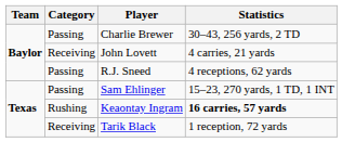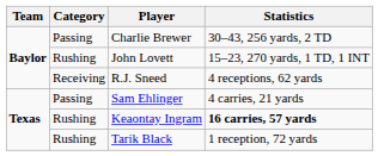 <table class="wikitable" style="float: right;">
 <tr>
 <th>Team</th>
 <th>Category</th>
 <th>Player</th>
 <th>Statistics</th>
 </tr>
 <tr>
 <td rowspan=3><strong>Baylor</strong></td>
 <td>Passing</td>
 <td>Charlie Brewer</td>
 <td>30–43, 256 yards, 2 TD</td>
 </tr>
 <tr>
-<td>Receiving</td>
+<td>Rushing</td>
 <td>John Lovett</td>
-<td>4 carries, 21 yards</td>
+<td>15–23, 270 yards, 1 TD, 1 INT</td>
 </tr>
 <tr>
-<td>Passing</td>
+<td>Receiving</td>
 <td>R.J. Sneed</td>
 <td>4 receptions, 62 yards</td>
 </tr>
 <tr>
 <td rowspan=3><strong>Texas</strong></td>
 <td>Passing</td>
 <td><a href='#'>Sam Ehlinger</a></td>
-<td>15–23, 270 yards, 1 TD, 1 INT</td>
+<td>4 carries, 21 yards</td>
 </tr>
 <tr>
 <td>Rushing</td>
 <td><a href='#'>Keaontay Ingram</a></td>
 <td><strong>16 carries, 57 yards</strong></td>
 </tr>
 <tr>
-<td>Receiving</td>
+<td>Rushing</td>
 <td><a href='#'>Tarik Black</a></td>
 <td>1 reception, 72 yards</td>
 </tr>
 </table>
